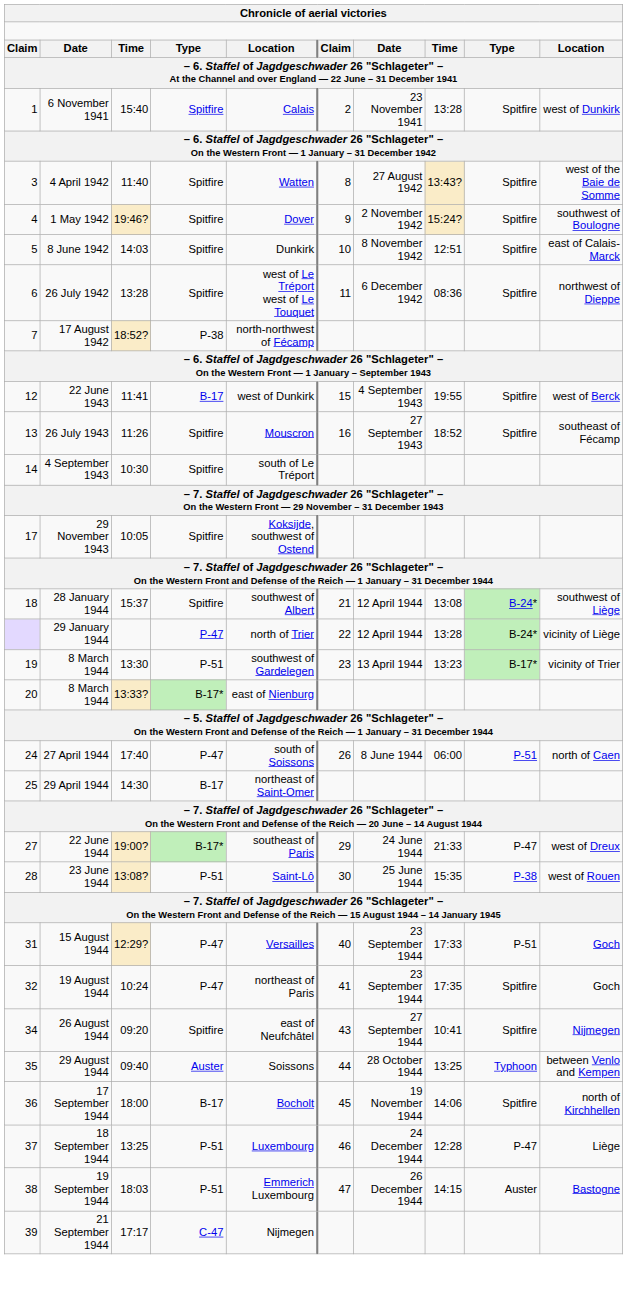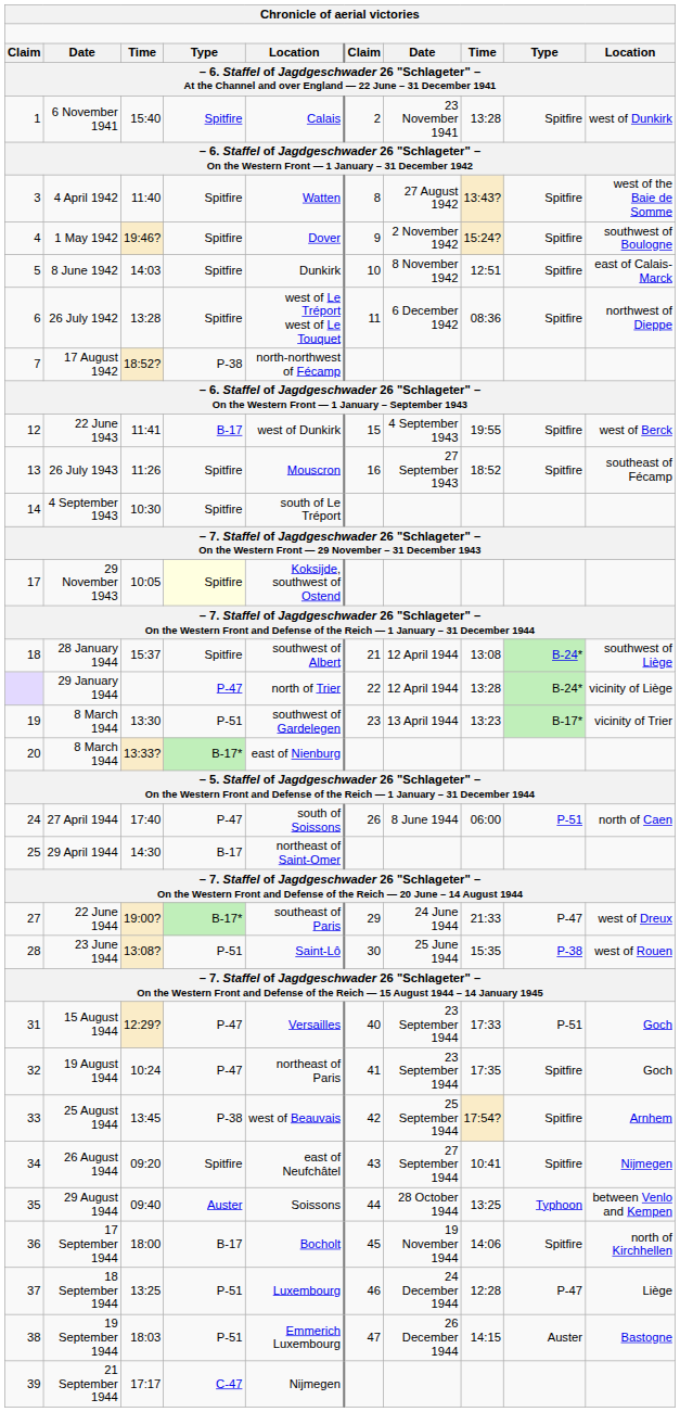 <table class="wikitable plainrowheaders collapsible" style="margin-left: auto; margin-right: auto; border: none; text-align:right; width: 100%;">
 <tr>
 <th colspan="10">Chronicle of aerial victories</th>
 </tr>
 <tr>
 <td colspan="10" style="text-align: left;"><br>  </td>
 </tr>
 <tr>
 <th scope="col">Claim</th>
 <th scope="col">Date</th>
 <th scope="col">Time</th>
 <th scope="col" width="100px">Type</th>
 <th scope="col">Location</th>
 <th scope="col" style="border-left: 3px solid grey;">Claim</th>
 <th scope="col">Date</th>
 <th scope="col">Time</th>
 <th scope="col" width="100px">Type</th>
 <th scope="col">Location</th>
 </tr>
 <tr>
 <th colspan="10">– 6. <em>Staffel</em> of <em>Jagdgeschwader</em> 26 "Schlageter" –<br><small>At the Channel and over England — 22 June – 31 December 1941</small></th>
 </tr>
 <tr>
 <td>1</td>
 <td>6 November 1941</td>
 <td>15:40</td>
 <td><a href='#'>Spitfire</a></td>
 <td><a href='#'>Calais</a></td>
 <td style="border-left: 3px solid grey;">2</td>
 <td>23 November 1941</td>
 <td>13:28</td>
 <td>Spitfire</td>
 <td>west of <a href='#'>Dunkirk</a></td>
 </tr>
 <tr>
 <th colspan="10">– 6. <em>Staffel</em> of <em>Jagdgeschwader</em> 26 "Schlageter" –<br><small>On the Western Front — 1 January – 31 December 1942</small></th>
 </tr>
 <tr>
 <td>3</td>
 <td>4 April 1942</td>
 <td>11:40</td>
 <td>Spitfire</td>
 <td><a href='#'>Watten</a></td>
 <td style="border-left: 3px solid grey;">8</td>
 <td>27 August 1942</td>
 <td style="background:#faecc8">13:43?</td>
 <td>Spitfire</td>
 <td>west of the <a href='#'>Baie de Somme</a></td>
 </tr>
 <tr>
 <td>4</td>
 <td>1 May 1942</td>
 <td style="background:#faecc8">19:46?</td>
 <td>Spitfire</td>
 <td><a href='#'>Dover</a></td>
 <td style="border-left: 3px solid grey;">9</td>
 <td>2 November 1942</td>
 <td style="background:#faecc8">15:24?</td>
 <td>Spitfire</td>
 <td> southwest of <a href='#'>Boulogne</a></td>
 </tr>
 <tr>
 <td>5</td>
 <td>8 June 1942</td>
 <td>14:03</td>
 <td>Spitfire</td>
 <td>Dunkirk</td>
 <td style="border-left: 3px solid grey;">10</td>
 <td>8 November 1942</td>
 <td>12:51</td>
 <td>Spitfire</td>
 <td> east of Calais-<a href='#'>Marck</a></td>
 </tr>
 <tr>
 <td>6</td>
 <td>26 July 1942</td>
 <td>13:28</td>
 <td>Spitfire</td>
 <td>west of <a href='#'>Le Tréport</a><br> west of <a href='#'>Le Touquet</a></td>
 <td style="border-left: 3px solid grey;">11</td>
 <td>6 December 1942</td>
 <td>08:36</td>
 <td>Spitfire</td>
 <td> northwest of <a href='#'>Dieppe</a></td>
 </tr>
 <tr>
 <td>7</td>
 <td>17 August 1942</td>
 <td style="background:#faecc8">18:52?</td>
 <td>P-38</td>
 <td>north-northwest of <a href='#'>Fécamp</a></td>
 <td style="border-left: 3px solid grey;"></td>
 <td></td>
 <td></td>
 <td></td>
 <td></td>
 </tr>
 <tr>
 <th colspan="10">– 6. <em>Staffel</em> of <em>Jagdgeschwader</em> 26 "Schlageter" –<br><small>On the Western Front — 1 January – September 1943</small></th>
 </tr>
 <tr>
 <td>12</td>
 <td>22 June 1943</td>
 <td>11:41</td>
 <td><a href='#'>B-17</a></td>
 <td> west of Dunkirk</td>
 <td style="border-left: 3px solid grey;">15</td>
 <td>4 September 1943</td>
 <td>19:55</td>
 <td>Spitfire</td>
 <td> west of <a href='#'>Berck</a></td>
 </tr>
 <tr>
 <td>13</td>
 <td>26 July 1943</td>
 <td>11:26</td>
 <td>Spitfire</td>
 <td><a href='#'>Mouscron</a></td>
 <td style="border-left: 3px solid grey;">16</td>
 <td>27 September 1943</td>
 <td>18:52</td>
 <td>Spitfire</td>
 <td> southeast of Fécamp</td>
 </tr>
 <tr>
 <td>14</td>
 <td>4 September 1943</td>
 <td>10:30</td>
 <td>Spitfire</td>
 <td>south of Le Tréport</td>
 <td style="border-left: 3px solid grey;"></td>
 <td></td>
 <td></td>
 <td></td>
 <td></td>
 </tr>
 <tr>
 <th colspan="10">– 7. <em>Staffel</em> of <em>Jagdgeschwader</em> 26 "Schlageter" –<br><small>On the Western Front — 29 November – 31 December 1943</small></th>
 </tr>
 <tr>
 <td>17</td>
 <td>29 November 1943</td>
 <td>10:05</td>
-<td>Spitfire</td>
+<td style="background: lightyellow;">Spitfire</td>
 <td><a href='#'>Koksijde</a>, southwest of <a href='#'>Ostend</a></td>
 <td style="border-left: 3px solid grey;"></td>
 <td></td>
 <td></td>
 <td></td>
 <td></td>
 </tr>
 <tr>
 <th colspan="10">– 7. <em>Staffel</em> of <em>Jagdgeschwader</em> 26 "Schlageter" –<br><small>On the Western Front and Defense of the Reich — 1 January – 31 December 1944</small></th>
 </tr>
 <tr>
 <td>18</td>
 <td>28 January 1944</td>
 <td>15:37</td>
 <td>Spitfire</td>
 <td>southwest of <a href='#'>Albert</a></td>
 <td style="border-left: 3px solid grey;">21</td>
 <td>12 April 1944</td>
 <td>13:08</td>
 <td style="background:#C0EFBA"><a href='#'>B-24</a>*</td>
 <td>southwest of <a href='#'>Liège</a></td>
 </tr>
 <tr>
 <td style="background:#e3d9ff;"></td>
 <td>29 January 1944</td>
 <td></td>
 <td><a href='#'>P-47</a></td>
 <td> north of <a href='#'>Trier</a></td>
 <td style="border-left: 3px solid grey;">22</td>
 <td>12 April 1944</td>
 <td>13:28</td>
 <td style="background:#C0EFBA">B-24*</td>
 <td>vicinity of Liège</td>
 </tr>
 <tr>
 <td>19</td>
 <td>8 March 1944</td>
 <td>13:30</td>
 <td>P-51</td>
 <td> southwest of <a href='#'>Gardelegen</a></td>
 <td style="border-left: 3px solid grey;">23</td>
 <td>13 April 1944</td>
 <td>13:23</td>
 <td style="background:#C0EFBA">B-17*</td>
 <td>vicinity of Trier</td>
 </tr>
 <tr>
 <td>20</td>
 <td>8 March 1944</td>
 <td style="background:#faecc8">13:33?</td>
 <td style="background:#C0EFBA">B-17*</td>
 <td> east of <a href='#'>Nienburg</a></td>
 <td style="border-left: 3px solid grey;"></td>
 <td></td>
 <td></td>
 <td></td>
 <td></td>
 </tr>
 <tr>
 <th colspan="10">– 5. <em>Staffel</em> of <em>Jagdgeschwader</em> 26 "Schlageter" –<br><small>On the Western Front and Defense of the Reich — 1 January – 31 December 1944</small></th>
 </tr>
 <tr>
 <td>24</td>
 <td>27 April 1944</td>
 <td>17:40</td>
 <td>P-47</td>
 <td> south of <a href='#'>Soissons</a></td>
 <td style="border-left: 3px solid grey;">26</td>
 <td>8 June 1944</td>
 <td>06:00</td>
 <td><a href='#'>P-51</a></td>
 <td>north of <a href='#'>Caen</a></td>
 </tr>
 <tr>
 <td>25</td>
 <td>29 April 1944</td>
 <td>14:30</td>
 <td>B-17</td>
 <td>northeast of <a href='#'>Saint-Omer</a></td>
 <td style="border-left: 3px solid grey;"></td>
 <td></td>
 <td></td>
 <td></td>
 <td></td>
 </tr>
 <tr>
 <th colspan="10">– 7. <em>Staffel</em> of <em>Jagdgeschwader</em> 26 "Schlageter" –<br><small>On the Western Front and Defense of the Reich — 20 June – 14 August 1944</small></th>
 </tr>
 <tr>
 <td>27</td>
 <td>22 June 1944</td>
 <td style="background:#faecc8">19:00?</td>
 <td style="background:#C0EFBA">B-17*</td>
 <td>southeast of <a href='#'>Paris</a></td>
 <td style="border-left: 3px solid grey;">29</td>
 <td>24 June 1944</td>
 <td>21:33</td>
 <td>P-47</td>
 <td>west of <a href='#'>Dreux</a></td>
 </tr>
 <tr>
 <td>28</td>
 <td>23 June 1944</td>
 <td style="background:#faecc8">13:08?</td>
 <td>P-51</td>
 <td><a href='#'>Saint-Lô</a></td>
 <td style="border-left: 3px solid grey;">30</td>
 <td>25 June 1944</td>
 <td>15:35</td>
 <td><a href='#'>P-38</a></td>
 <td>west of <a href='#'>Rouen</a></td>
 </tr>
 <tr>
 <th colspan="10">– 7. <em>Staffel</em> of <em>Jagdgeschwader</em> 26 "Schlageter" –<br><small>On the Western Front and Defense of the Reich — 15 August 1944 – 14 January 1945</small></th>
 </tr>
 <tr>
 <td>31</td>
 <td>15 August 1944</td>
 <td style="background:#faecc8">12:29?</td>
 <td>P-47</td>
 <td><a href='#'>Versailles</a></td>
 <td style="border-left: 3px solid grey;">40</td>
 <td>23 September 1944</td>
 <td>17:33</td>
 <td>P-51</td>
 <td><a href='#'>Goch</a></td>
 </tr>
 <tr>
 <td>32</td>
 <td>19 August 1944</td>
 <td>10:24</td>
 <td>P-47</td>
 <td>northeast of Paris</td>
 <td style="border-left: 3px solid grey;">41</td>
 <td>23 September 1944</td>
 <td>17:35</td>
 <td>Spitfire</td>
 <td>Goch</td>
 </tr>
 <tr>
+<td>33</td>
+<td>25 August 1944</td>
+<td>13:45</td>
+<td>P-38</td>
+<td>west of <a href='#'>Beauvais</a></td>
+<td style="border-left: 3px solid grey;">42</td>
+<td>25 September 1944</td>
+<td style="background:#faecc8">17:54?</td>
+<td>Spitfire</td>
+<td><a href='#'>Arnhem</a></td>
+</tr>
+<tr>
 <td>34</td>
 <td>26 August 1944</td>
 <td>09:20</td>
 <td>Spitfire</td>
 <td>east of Neufchâtel</td>
 <td style="border-left: 3px solid grey;">43</td>
 <td>27 September 1944</td>
 <td>10:41</td>
 <td>Spitfire</td>
 <td><a href='#'>Nijmegen</a></td>
 </tr>
 <tr>
 <td>35</td>
 <td>29 August 1944</td>
 <td>09:40</td>
 <td><a href='#'>Auster</a></td>
 <td>Soissons</td>
 <td style="border-left: 3px solid grey;">44</td>
 <td>28 October 1944</td>
 <td>13:25</td>
 <td><a href='#'>Typhoon</a></td>
 <td>between <a href='#'>Venlo</a> and <a href='#'>Kempen</a></td>
 </tr>
 <tr>
 <td>36</td>
 <td>17 September 1944</td>
 <td>18:00</td>
 <td>B-17</td>
 <td><a href='#'>Bocholt</a></td>
 <td style="border-left: 3px solid grey;">45</td>
 <td>19 November 1944</td>
 <td>14:06</td>
 <td>Spitfire</td>
 <td>north of <a href='#'>Kirchhellen</a></td>
 </tr>
 <tr>
 <td>37</td>
 <td>18 September 1944</td>
 <td>13:25</td>
 <td>P-51</td>
 <td><a href='#'>Luxembourg</a></td>
 <td style="border-left: 3px solid grey;">46</td>
 <td>24 December 1944</td>
 <td>12:28</td>
 <td>P-47</td>
 <td>Liège</td>
 </tr>
 <tr>
 <td>38</td>
 <td>19 September 1944</td>
 <td>18:03</td>
 <td>P-51</td>
 <td><a href='#'>Emmerich</a><br>Luxembourg</td>
 <td style="border-left: 3px solid grey;">47</td>
 <td>26 December 1944</td>
 <td>14:15</td>
 <td>Auster</td>
 <td><a href='#'>Bastogne</a></td>
 </tr>
 <tr>
 <td>39</td>
 <td>21 September 1944</td>
 <td>17:17</td>
 <td><a href='#'>C-47</a></td>
 <td>Nijmegen</td>
 <td style="border-left: 3px solid grey;"></td>
 <td></td>
 <td></td>
 <td></td>
 <td></td>
 </tr>
 </table>
